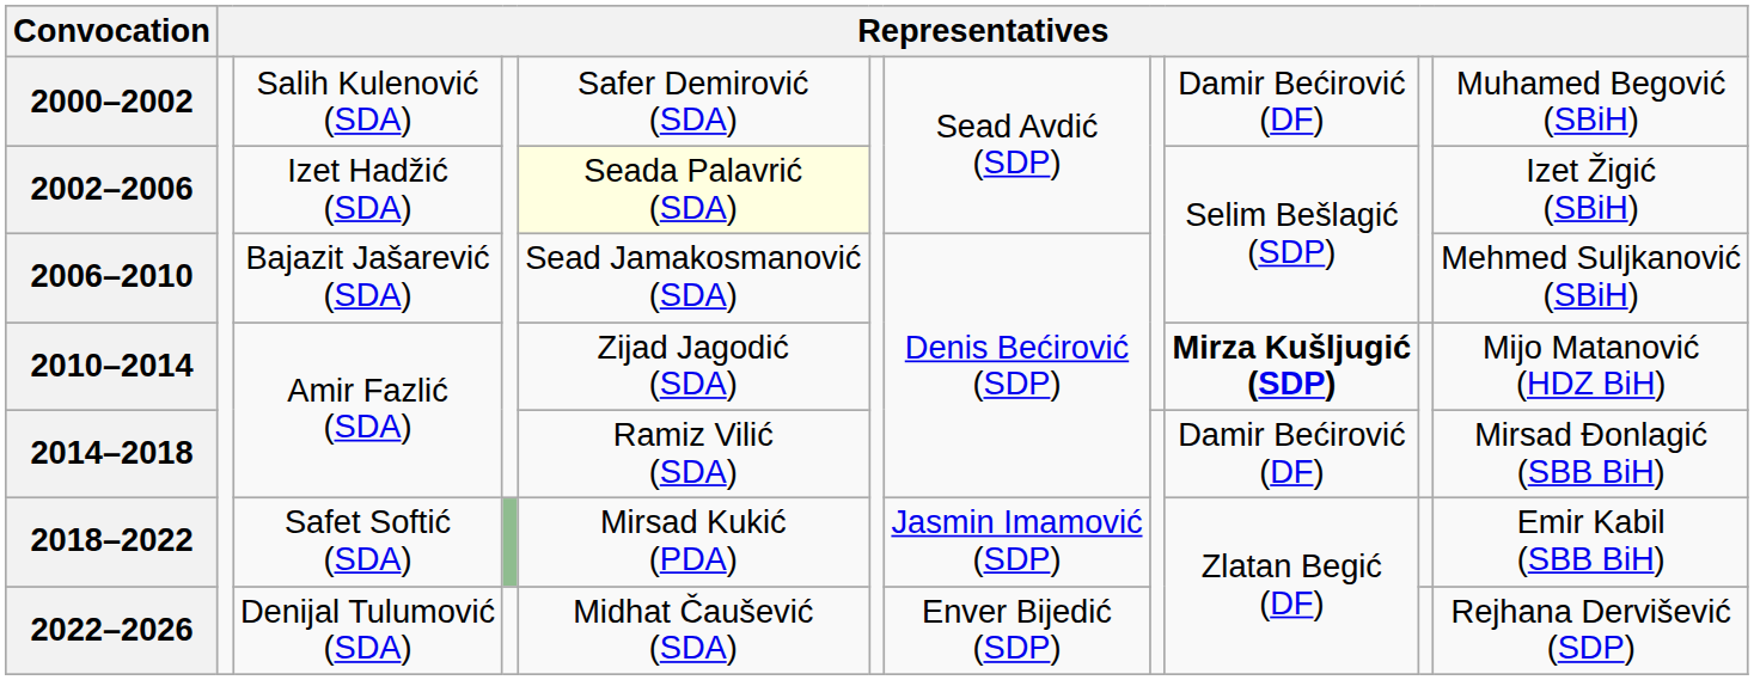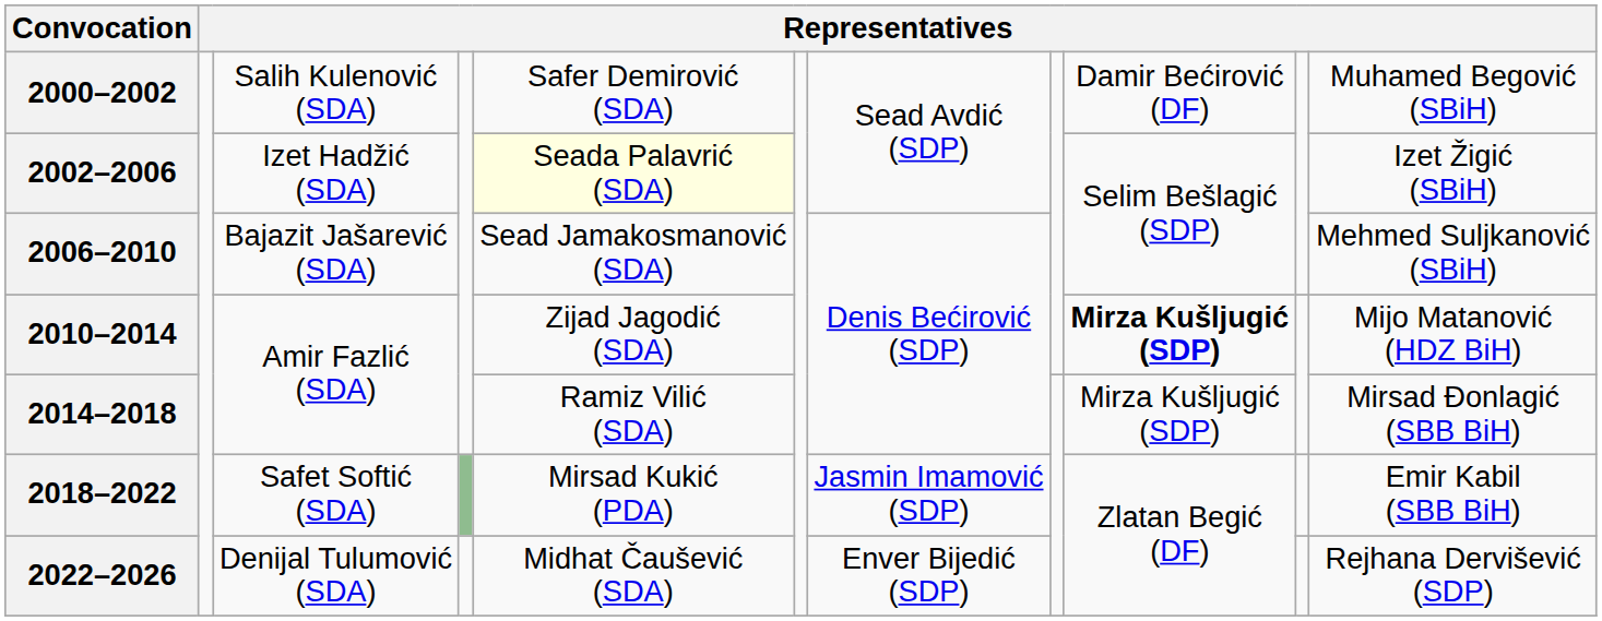 <table class="wikitable" style="text-align:center">
 <tr>
 <th>Convocation</th>
 <th colspan=10>Representatives</th>
 </tr>
 <tr>
 <th>2000–2002</th>
 <td rowspan=7; style="background-color: "></td>
 <td>Salih Kulenović<br>(<a href='#'>SDA</a>)</td>
 <td rowspan=5; style="background-color: "></td>
 <td>Safer Demirović<br>(<a href='#'>SDA</a>)</td>
 <td rowspan=7; style="background-color: "></td>
 <td rowspan=2>Sead Avdić<br>(<a href='#'>SDP</a>)</td>
 <td rowspan=4; style="background-color: "></td>
 <td>Damir Bećirović<br>(<a href='#'>DF</a>)</td>
 <td rowspan=3; style="background-color: "></td>
 <td>Muhamed Begović<br>(<a href='#'>SBiH</a>)</td>
 </tr>
 <tr>
 <th>2002–2006</th>
 <td>Izet Hadžić<br>(<a href='#'>SDA</a>)</td>
 <td style="background: lightyellow;">Seada Palavrić<br>(<a href='#'>SDA</a>)</td>
 <td rowspan=2>Selim Bešlagić<br>(<a href='#'>SDP</a>)</td>
 <td>Izet Žigić<br>(<a href='#'>SBiH</a>)</td>
 </tr>
 <tr>
 <th>2006–2010</th>
 <td>Bajazit Jašarević<br>(<a href='#'>SDA</a>)</td>
 <td>Sead Jamakosmanović<br>(<a href='#'>SDA</a>)</td>
 <td rowspan=3><a href='#'>Denis Bećirović</a><br>(<a href='#'>SDP</a>)</td>
 <td>Mehmed Suljkanović<br>(<a href='#'>SBiH</a>)</td>
 </tr>
 <tr>
 <th>2010–2014</th>
 <td rowspan=2>Amir Fazlić<br>(<a href='#'>SDA</a>)</td>
 <td>Zijad Jagodić<br>(<a href='#'>SDA</a>)</td>
 <td><strong>Mirza Kušljugić<br>(<a href='#'>SDP</a>)</strong></td>
 <td rowspan=2; style="background-color: "></td>
 <td>Mijo Matanović<br>(<a href='#'>HDZ BiH</a>)</td>
 </tr>
 <tr>
 <th>2014–2018</th>
 <td>Ramiz Vilić<br>(<a href='#'>SDA</a>)</td>
 <td rowspan=3; style="background-color: "></td>
-<td>Damir Bećirović<br>(<a href='#'>DF</a>)</td>
+<td>Mirza Kušljugić<br>(<a href='#'>SDP</a>)</td>
 <td>Mirsad Ðonlagić<br>(<a href='#'>SBB BiH</a>)</td>
 </tr>
 <tr>
 <th>2018–2022</th>
 <td>Safet Softić<br>(<a href='#'>SDA</a>)</td>
 <td rowspan=1; style="background-color: #8fbc8f"></td>
 <td>Mirsad Kukić<br>(<a href='#'>PDA</a>)</td>
 <td><a href='#'>Jasmin Imamović</a><br>(<a href='#'>SDP</a>)</td>
 <td rowspan=2>Zlatan Begić<br>(<a href='#'>DF</a>)</td>
 <td rowspan=1; style="background-color: "></td>
 <td>Emir Kabil<br>(<a href='#'>SBB BiH</a>)</td>
 </tr>
 <tr>
 <th>2022–2026</th>
 <td>Denijal Tulumović<br>(<a href='#'>SDA</a>)</td>
 <td rowspan=1; style="background-color: "></td>
 <td>Midhat Čaušević<br>(<a href='#'>SDA</a>)</td>
 <td>Enver Bijedić<br>(<a href='#'>SDP</a>)</td>
 <td rowspan=1; style="background-color: "></td>
 <td>Rejhana Dervišević<br>(<a href='#'>SDP</a>)</td>
 </tr>
 </table>
